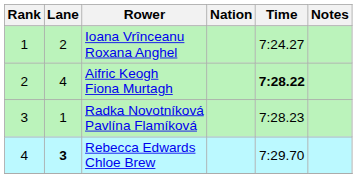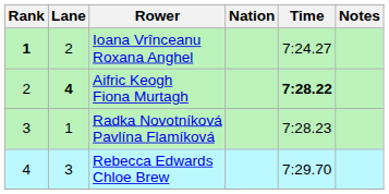 <table class="wikitable sortable" style="text-align:center">
 <tr>
 <th>Rank</th>
 <th>Lane</th>
 <th>Rower</th>
 <th>Nation</th>
 <th>Time</th>
 <th>Notes</th>
 </tr>
 <tr bgcolor=bbf3bb>
-<td>1</td>
+<td><strong>1</strong></td>
 <td>2</td>
 <td align=left><a href='#'>Ioana Vrînceanu</a><br><a href='#'>Roxana Anghel</a></td>
 <td align=left></td>
 <td>7:24.27</td>
 <td></td>
 </tr>
 <tr bgcolor=bbf3bb>
 <td>2</td>
-<td>4</td>
+<td><strong>4</strong></td>
 <td align=left><a href='#'>Aifric Keogh</a><br><a href='#'>Fiona Murtagh</a></td>
 <td align=left></td>
 <td><strong>7:28.22</strong></td>
 <td></td>
 </tr>
 <tr bgcolor=bbf3bb>
 <td>3</td>
 <td>1</td>
 <td align=left><a href='#'>Radka Novotníková</a><br><a href='#'>Pavlína Flamíková</a></td>
 <td align=left></td>
 <td>7:28.23</td>
 <td></td>
 </tr>
 <tr bgcolor=bbf9ff>
 <td>4</td>
-<td><strong>3</strong></td>
+<td>3</td>
 <td align=left><a href='#'>Rebecca Edwards</a><br><a href='#'>Chloe Brew</a></td>
 <td align=left></td>
 <td>7:29.70</td>
 <td></td>
 </tr>
 <tr>
 </tr>
 </table>
